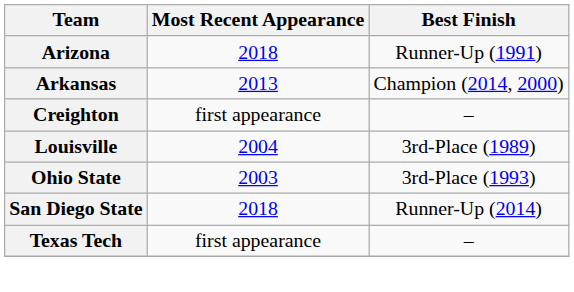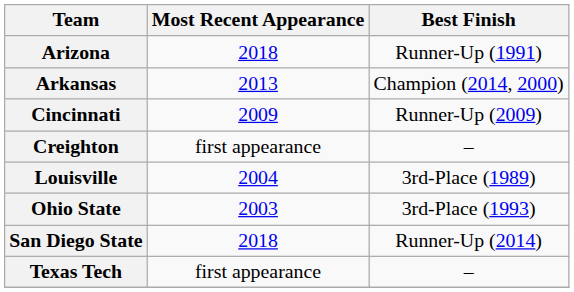 <table class="wikitable">
 <tr>
 <th>Team</th>
 <th>Most Recent Appearance</th>
 <th>Best Finish</th>
 </tr>
 <tr style="text-align:center;">
 <th>Arizona</th>
 <td><a href='#'>2018</a></td>
 <td>Runner-Up (<a href='#'>1991</a>)</td>
 </tr>
 <tr style="text-align:center;">
 <th>Arkansas</th>
 <td><a href='#'>2013</a></td>
 <td>Champion (<a href='#'>2014</a>, <a href='#'>2000</a>)</td>
+</tr>
+<tr style="text-align:center;">
+<th>Cincinnati</th>
+<td><a href='#'>2009</a></td>
+<td>Runner-Up (<a href='#'>2009</a>)</td>
 </tr>
 <tr style="text-align:center;">
 <th>Creighton</th>
 <td>first appearance</td>
 <td>–</td>
 </tr>
 <tr style="text-align:center;">
 <th>Louisville</th>
 <td><a href='#'>2004</a></td>
 <td>3rd-Place (<a href='#'>1989</a>)</td>
 </tr>
 <tr style="text-align:center;">
 <th>Ohio State</th>
 <td><a href='#'>2003</a></td>
 <td>3rd-Place (<a href='#'>1993</a>)</td>
 </tr>
 <tr style="text-align:center;">
 <th>San Diego State</th>
 <td><a href='#'>2018</a></td>
 <td>Runner-Up (<a href='#'>2014</a>)</td>
 </tr>
 <tr style="text-align:center;">
 <th>Texas Tech</th>
 <td>first appearance</td>
 <td>–</td>
 </tr>
 <tr>
 </tr>
 </table>
